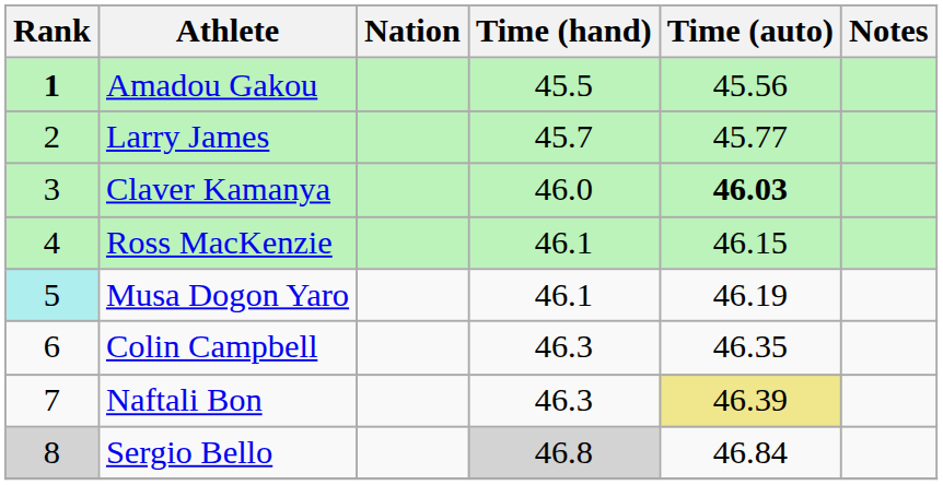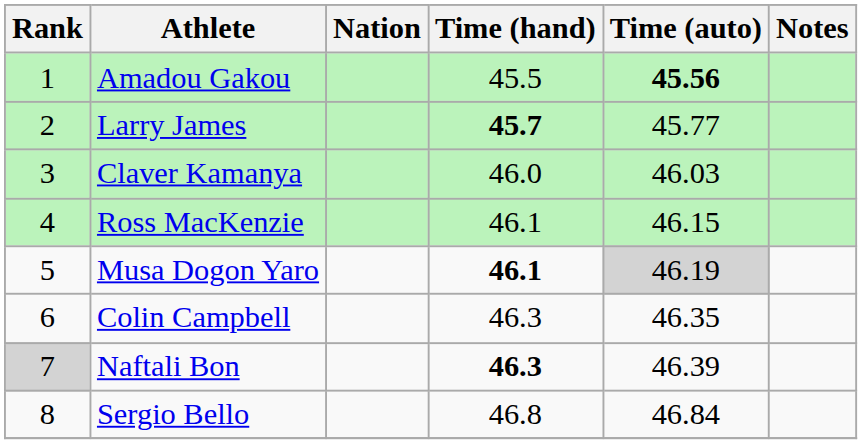 <table class="wikitable sortable" style="text-align:center">
 <tr>
 <th>Rank</th>
 <th>Athlete</th>
 <th>Nation</th>
 <th>Time (hand)</th>
 <th>Time (auto)</th>
 <th>Notes</th>
 </tr>
 <tr bgcolor=bbf3bb>
-<td><strong>1</strong></td>
+<td>1</td>
 <td align=left><a href='#'>Amadou Gakou</a></td>
 <td align=left></td>
 <td>45.5</td>
-<td>45.56</td>
+<td><strong>45.56</strong></td>
 <td></td>
 </tr>
 <tr bgcolor=bbf3bb>
 <td>2</td>
 <td align=left><a href='#'>Larry James</a></td>
 <td align=left></td>
-<td>45.7</td>
+<td><strong>45.7</strong></td>
 <td>45.77</td>
 <td></td>
 </tr>
 <tr bgcolor=bbf3bb>
 <td>3</td>
 <td align=left><a href='#'>Claver Kamanya</a></td>
 <td align=left></td>
 <td>46.0</td>
-<td><strong>46.03</strong></td>
+<td>46.03</td>
 <td></td>
 </tr>
 <tr bgcolor=bbf3bb>
 <td>4</td>
 <td align=left><a href='#'>Ross MacKenzie</a></td>
 <td align=left></td>
 <td>46.1</td>
 <td>46.15</td>
 <td></td>
 </tr>
 <tr>
-<td style="background: paleturquoise;">5</td>
+<td>5</td>
 <td align=left><a href='#'>Musa Dogon Yaro</a></td>
 <td align=left></td>
-<td>46.1</td>
-<td>46.19</td>
+<td><strong>46.1</strong></td>
+<td style="background: lightgrey;">46.19</td>
 <td></td>
 </tr>
 <tr>
 <td>6</td>
 <td align=left><a href='#'>Colin Campbell</a></td>
 <td align=left></td>
 <td>46.3</td>
 <td>46.35</td>
 <td></td>
 </tr>
 <tr>
-<td>7</td>
+<td style="background: lightgrey;">7</td>
 <td align=left><a href='#'>Naftali Bon</a></td>
 <td align=left></td>
-<td>46.3</td>
-<td style="background: khaki;">46.39</td>
+<td><strong>46.3</strong></td>
+<td>46.39</td>
 <td></td>
 </tr>
 <tr>
-<td style="background: lightgrey;">8</td>
+<td>8</td>
 <td align=left><a href='#'>Sergio Bello</a></td>
 <td align=left></td>
-<td style="background: lightgrey;">46.8</td>
+<td>46.8</td>
 <td>46.84</td>
 <td></td>
 </tr>
 <tr>
 </tr>
 </table>
